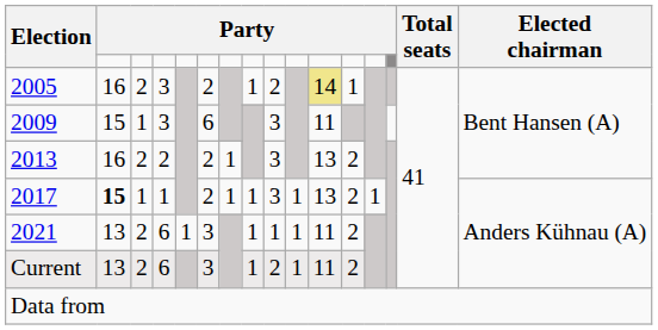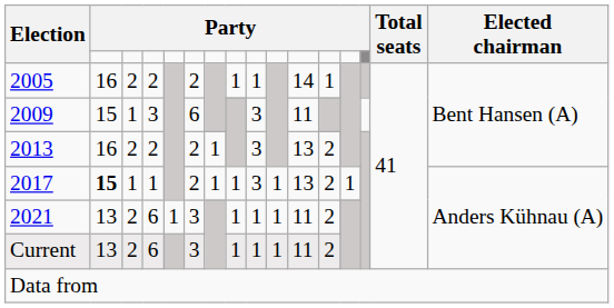 <table class="wikitable">
 <tr>
 <th rowspan="2">Election</th>
 <th colspan="13">Party</th>
 <th rowspan="2">Total<br>seats</th>
 <th rowspan="2">Elected<br>chairman</th>
 </tr>
 <tr>
 <td style="background:"><strong><a href='#'></a></strong></td>
 <td style="background:"><strong><a href='#'></a></strong></td>
 <td style="background:"><strong><a href='#'></a></strong></td>
 <td style="background:"><strong><a href='#'></a></strong></td>
 <td style="background:"><strong><a href='#'></a></strong></td>
 <td style="background:"><strong><a href='#'></a></strong></td>
 <td style="background:"><strong><a href='#'></a></strong></td>
 <td style="background:"><strong><a href='#'></a></strong></td>
 <td style="background:"><strong><a href='#'></a></strong></td>
 <td style="background:"><strong><a href='#'></a></strong></td>
 <td style="background:"><strong><a href='#'></a></strong></td>
 <td style="background:"><strong><a href='#'></a></strong></td>
 <td style="background:#8B8989;"><strong></strong></td>
 </tr>
 <tr>
 <td><a href='#'>2005</a></td>
 <td>16</td>
 <td>2</td>
-<td>3</td>
+<td>2</td>
 <td style="background:#CDC9C9;" rowspan="4"></td>
 <td>2</td>
 <td style="background:#CDC9C9;" rowspan="2"></td>
 <td>1</td>
-<td>2</td>
+<td>1</td>
 <td style="background:#CDC9C9;" rowspan="3"></td>
-<td style="background: khaki;">14</td>
+<td>14</td>
 <td>1</td>
 <td style="background:#CDC9C9;" rowspan="3"></td>
 <td style="background:#CDC9C9;"></td>
 <td rowspan="6">41</td>
 <td rowspan="3">Bent Hansen (A)</td>
 </tr>
 <tr>
 <td><a href='#'>2009</a></td>
 <td>15</td>
 <td>1</td>
 <td>3</td>
 <td>6</td>
 <td style="background:#CDC9C9;" rowspan="2"></td>
 <td>3</td>
 <td>11</td>
 <td style="background:#CDC9C9;"></td>
 <td></td>
 </tr>
 <tr>
 <td><a href='#'>2013</a></td>
 <td>16</td>
 <td>2</td>
 <td>2</td>
 <td>2</td>
 <td>1</td>
 <td>3</td>
 <td>13</td>
 <td>2</td>
 <td style="background:#CDC9C9;" rowspan="4"></td>
 </tr>
 <tr>
 <td><a href='#'>2017</a></td>
 <td><strong>15</strong></td>
 <td>1</td>
 <td>1</td>
 <td>2</td>
 <td>1</td>
 <td>1</td>
 <td>3</td>
 <td>1</td>
 <td>13</td>
 <td>2</td>
 <td>1</td>
 <td rowspan="3">Anders Kühnau (A)</td>
 </tr>
 <tr>
 <td><a href='#'>2021</a></td>
 <td>13</td>
 <td>2</td>
 <td>6</td>
 <td>1</td>
 <td>3</td>
 <td style="background:#CDC9C9;" rowspan="2"></td>
 <td>1</td>
 <td>1</td>
 <td>1</td>
 <td>11</td>
 <td>2</td>
 <td style="background:#CDC9C9;" rowspan="2"></td>
 </tr>
 <tr style="background:#edebeb;">
 <td>Current</td>
 <td>13</td>
 <td>2</td>
 <td>6</td>
 <td style="background:#CDC9C9;"></td>
 <td>3</td>
 <td>1</td>
-<td>2</td>
+<td>1</td>
 <td>1</td>
 <td>11</td>
 <td>2</td>
 </tr>
 <tr>
 <td colspan="99">Data from </td>
 </tr>
 </table>
